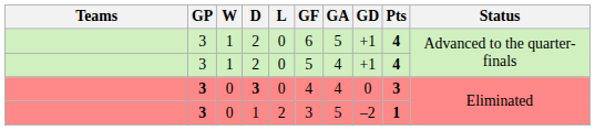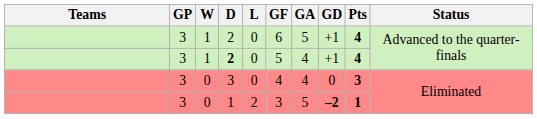 <table class=wikitable style="text-align:center">
 <tr>
 <th width=185>Teams</th>
 <th width=20>GP</th>
 <th width=20>W</th>
 <th width=20>D</th>
 <th width=20>L</th>
 <th width=20>GF</th>
 <th width=20>GA</th>
 <th width=20>GD</th>
 <th width=20>Pts</th>
 <th width=181>Status</th>
 </tr>
 <tr bgcolor="#D0F0C0">
 <td style="text-align:left;"></td>
 <td>3</td>
 <td>1</td>
 <td>2</td>
 <td>0</td>
 <td>6</td>
 <td>5</td>
 <td>+1</td>
 <td><strong>4</strong></td>
 <td rowspan=2>Advanced to the quarter-finals</td>
 </tr>
 <tr bgcolor="#D0F0C0">
 <td style="text-align:left;"></td>
 <td>3</td>
 <td>1</td>
-<td>2</td>
+<td><strong>2</strong></td>
 <td>0</td>
 <td>5</td>
 <td>4</td>
 <td>+1</td>
 <td><strong>4</strong></td>
 </tr>
 <tr bgcolor=#FF8888>
 <td style="text-align:left;"></td>
-<td><strong>3</strong></td>
+<td>3</td>
 <td>0</td>
-<td><strong>3</strong></td>
+<td>3</td>
 <td>0</td>
 <td>4</td>
 <td>4</td>
 <td>0</td>
 <td><strong>3</strong></td>
 <td rowspan=2>Eliminated</td>
 </tr>
 <tr bgcolor=#FF8888>
 <td style="text-align:left;"></td>
-<td><strong>3</strong></td>
+<td>3</td>
 <td>0</td>
 <td>1</td>
 <td>2</td>
 <td>3</td>
 <td>5</td>
-<td>–2</td>
+<td><strong>–2</strong></td>
 <td><strong>1</strong></td>
 </tr>
 </table>
